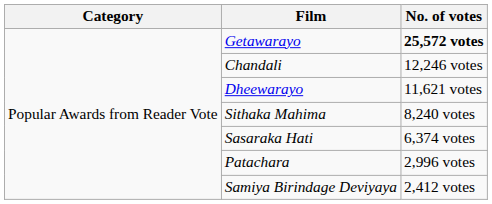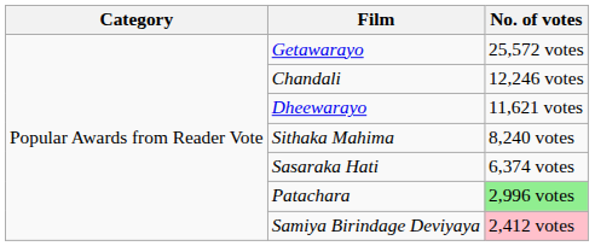 <table class="wikitable plainrowheaders sortable">
 <tr>
 <th scope="col">Category</th>
 <th scope="col">Film</th>
 <th scope="col">No. of votes</th>
 </tr>
 <tr>
 <td rowspan=7>Popular Awards from Reader Vote</td>
 <td><em><a href='#'>Getawarayo</a></em></td>
-<td><strong>25,572 votes</strong></td>
+<td>25,572 votes</td>
 </tr>
 <tr>
 <td><em>Chandali</em></td>
 <td>12,246 votes</td>
 </tr>
 <tr>
 <td><em><a href='#'>Dheewarayo</a></em></td>
 <td>11,621 votes</td>
 </tr>
 <tr>
 <td><em>Sithaka Mahima</em></td>
 <td>8,240 votes</td>
 </tr>
 <tr>
 <td><em>Sasaraka Hati</em></td>
 <td>6,374 votes</td>
 </tr>
 <tr>
 <td><em>Patachara</em></td>
-<td>2,996 votes</td>
+<td style="background: lightgreen;">2,996 votes</td>
 </tr>
 <tr>
 <td><em>Samiya Birindage Deviyaya</em></td>
-<td>2,412 votes</td>
+<td style="background: pink;">2,412 votes</td>
 </tr>
 </table>
